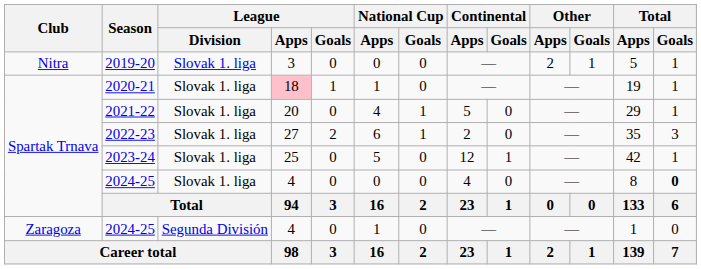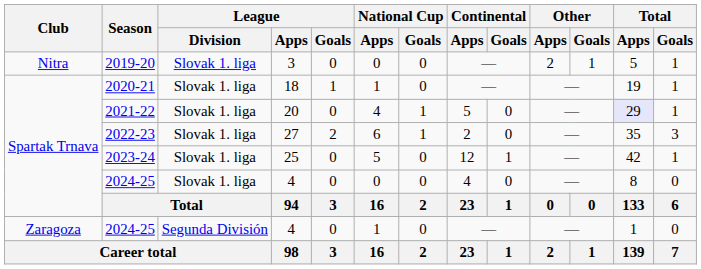 <table class="wikitable" style="text-align: center;">
 <tr>
 <th rowspan="2">Club</th>
 <th rowspan="2">Season</th>
 <th colspan="3">League</th>
 <th colspan="2">National Cup</th>
 <th colspan="2">Continental</th>
 <th colspan="2">Other</th>
 <th colspan="2">Total</th>
 </tr>
 <tr>
 <th>Division</th>
 <th>Apps</th>
 <th>Goals</th>
 <th>Apps</th>
 <th>Goals</th>
 <th>Apps</th>
 <th>Goals</th>
 <th>Apps</th>
 <th>Goals</th>
 <th>Apps</th>
 <th>Goals</th>
 </tr>
 <tr>
 <td><a href='#'>Nitra</a></td>
 <td><a href='#'>2019-20</a></td>
 <td><a href='#'>Slovak 1. liga</a></td>
 <td>3</td>
 <td>0</td>
 <td>0</td>
 <td>0</td>
 <td colspan="2">—</td>
 <td>2</td>
 <td>1</td>
 <td>5</td>
 <td>1</td>
 </tr>
 <tr>
 <td rowspan="6"><a href='#'>Spartak Trnava</a></td>
 <td><a href='#'>2020-21</a></td>
 <td>Slovak 1. liga</td>
-<td style="background: pink;">18</td>
+<td>18</td>
 <td>1</td>
 <td>1</td>
 <td>0</td>
 <td colspan="2">—</td>
 <td colspan="2">—</td>
 <td>19</td>
 <td>1</td>
 </tr>
 <tr>
 <td><a href='#'>2021-22</a></td>
 <td>Slovak 1. liga</td>
 <td>20</td>
 <td>0</td>
 <td>4</td>
 <td>1</td>
 <td>5</td>
 <td>0</td>
 <td colspan="2">—</td>
-<td>29</td>
+<td style="background: lavender;">29</td>
 <td>1</td>
 </tr>
 <tr>
 <td><a href='#'>2022-23</a></td>
 <td>Slovak 1. liga</td>
 <td>27</td>
 <td>2</td>
 <td>6</td>
 <td>1</td>
 <td>2</td>
 <td>0</td>
 <td colspan="2">—</td>
 <td>35</td>
 <td>3</td>
 </tr>
 <tr>
 <td><a href='#'>2023-24</a></td>
 <td>Slovak 1. liga</td>
 <td>25</td>
 <td>0</td>
 <td>5</td>
 <td>0</td>
 <td>12</td>
 <td>1</td>
 <td colspan="2">—</td>
 <td>42</td>
 <td>1</td>
 </tr>
 <tr>
 <td><a href='#'>2024-25</a></td>
 <td>Slovak 1. liga</td>
 <td>4</td>
 <td>0</td>
 <td>0</td>
 <td>0</td>
 <td>4</td>
 <td>0</td>
 <td colspan="2">—</td>
 <td>8</td>
-<td><strong>0</strong></td>
+<td>0</td>
 </tr>
 <tr>
 <th colspan="2">Total</th>
 <th>94</th>
 <th>3</th>
 <th>16</th>
 <th>2</th>
 <th>23</th>
 <th>1</th>
 <th>0</th>
 <th>0</th>
 <th>133</th>
 <th>6</th>
 </tr>
 <tr>
 <td><a href='#'>Zaragoza</a></td>
 <td><a href='#'>2024-25</a></td>
 <td><a href='#'>Segunda División</a></td>
 <td>4</td>
 <td>0</td>
 <td>1</td>
 <td>0</td>
 <td colspan="2">—</td>
 <td colspan="2">—</td>
 <td>1</td>
 <td>0</td>
 </tr>
 <tr>
 <th colspan="3">Career total</th>
 <th>98</th>
 <th>3</th>
 <th>16</th>
 <th>2</th>
 <th>23</th>
 <th>1</th>
 <th>2</th>
 <th>1</th>
 <th>139</th>
 <th>7</th>
 </tr>
 </table>
